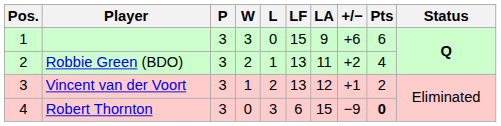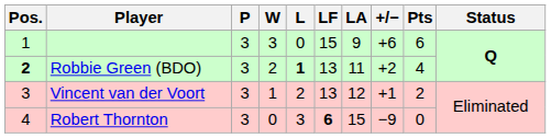 <table class="wikitable" style="text-align:center; margin: 1em auto 1em auto, align:left">
 <tr>
 <th width=20>Pos.</th>
 <th width=175>Player</th>
 <th width=20>P</th>
 <th width=20>W</th>
 <th width=20>L</th>
 <th width=20>LF</th>
 <th width=20>LA</th>
 <th width=25>+/−</th>
 <th width=20>Pts</th>
 <th width=100>Status</th>
 </tr>
 <tr style="background:#CCFFCC;">
 <td>1</td>
 <td style="text-align:left;"></td>
 <td>3</td>
 <td>3</td>
 <td>0</td>
 <td>15</td>
 <td>9</td>
 <td>+6</td>
 <td>6</td>
 <td rowspan=2><strong>Q</strong></td>
 </tr>
 <tr style="background:#CCFFCC;">
-<td>2</td>
+<td><strong>2</strong></td>
 <td style="text-align:left;"> <a href='#'>Robbie Green</a> (BDO)</td>
 <td>3</td>
 <td>2</td>
-<td>1</td>
+<td><strong>1</strong></td>
 <td>13</td>
 <td>11</td>
 <td>+2</td>
 <td>4</td>
 </tr>
 <tr style="background:#FFCCCC;">
 <td>3</td>
 <td style="text-align:left;"> <a href='#'>Vincent van der Voort</a></td>
 <td>3</td>
 <td>1</td>
 <td>2</td>
 <td>13</td>
 <td>12</td>
 <td>+1</td>
 <td>2</td>
 <td rowspan=2>Eliminated</td>
 </tr>
 <tr style="background:#FFCCCC;">
 <td>4</td>
 <td style="text-align:left;"> <a href='#'>Robert Thornton</a></td>
 <td>3</td>
 <td>0</td>
 <td>3</td>
-<td>6</td>
+<td><strong>6</strong></td>
 <td>15</td>
 <td>−9</td>
-<td><strong>0</strong></td>
+<td>0</td>
 </tr>
 </table>
